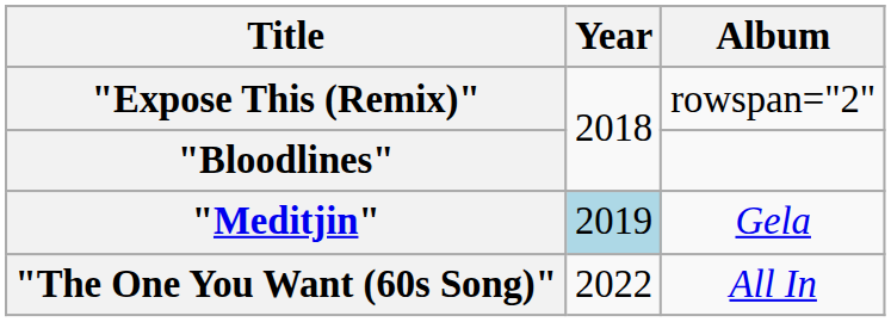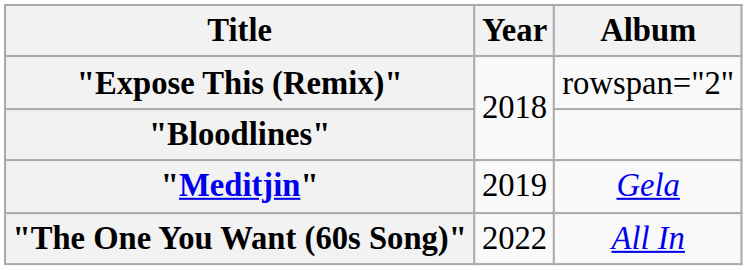 <table class="wikitable plainrowheaders" style="text-align:center;">
 <tr>
 <th>Title</th>
 <th>Year</th>
 <th>Album</th>
 </tr>
 <tr>
 <th scope="row">"Expose This (Remix)"<br></th>
 <td rowspan="2">2018</td>
 <td>rowspan="2" </td>
 </tr>
 <tr>
 <th scope="row">"Bloodlines"<br></th>
 </tr>
 <tr>
 <th scope="row">"<a href='#'>Meditjin</a>"<br></th>
-<td style="background: lightblue;">2019</td>
+<td>2019</td>
 <td><em><a href='#'>Gela</a></em></td>
 </tr>
 <tr>
 <th scope="row">"The One You Want (60s Song)"<br></th>
 <td>2022</td>
 <td><em><a href='#'>All In</a></em></td>
 </tr>
 </table>
